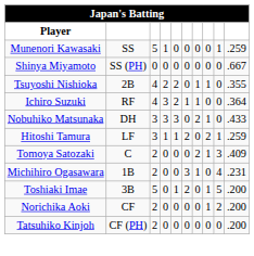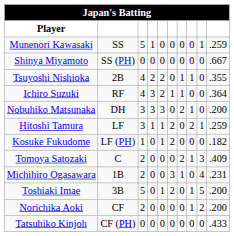 <table class="wikitable sortable" style="text-align:center;">
 <tr>
 <th colspan=10 style="background: #000000; color: #FFFFFF;"> Japan's Batting</th>
 </tr>
 <tr>
 <th style="background-color: #FFFFFF; color: #000000;">Player</th>
 <th style="background-color: #FFFFFF; color: #000000;"><a href='#'></a></th>
 <th style="background-color: #FFFFFF; color: #000000;"></th>
 <th style="background-color: #FFFFFF; color: #000000;"></th>
 <th style="background-color: #FFFFFF; color: #000000;"></th>
 <th style="background-color: #FFFFFF; color: #000000;"></th>
 <th style="background-color: #FFFFFF; color: #000000;"></th>
 <th style="background-color: #FFFFFF; color: #000000;"></th>
 <th style="background-color: #FFFFFF; color: #000000;"></th>
 <th style="background-color: #FFFFFF; color: #000000;"></th>
 </tr>
 <tr>
 <td><a href='#'>Munenori Kawasaki</a></td>
 <td>SS</td>
 <td>5</td>
 <td>1</td>
 <td>0</td>
 <td>0</td>
 <td>0</td>
 <td>0</td>
 <td>1</td>
 <td>.259</td>
 </tr>
 <tr>
 <td><a href='#'>Shinya Miyamoto</a></td>
 <td>SS (<a href='#'>PH</a>)</td>
 <td>0</td>
 <td>0</td>
 <td>0</td>
 <td>0</td>
 <td>0</td>
 <td>0</td>
 <td>0</td>
 <td>.667</td>
 </tr>
 <tr>
 <td><a href='#'>Tsuyoshi Nishioka</a></td>
 <td>2B</td>
 <td>4</td>
 <td>2</td>
 <td>2</td>
 <td>0</td>
 <td>1</td>
 <td>1</td>
 <td>0</td>
 <td>.355</td>
 </tr>
 <tr>
 <td><a href='#'>Ichiro Suzuki</a></td>
 <td>RF</td>
 <td>4</td>
 <td>3</td>
 <td>2</td>
 <td>1</td>
 <td>1</td>
 <td>0</td>
 <td>0</td>
 <td>.364</td>
 </tr>
 <tr>
 <td><a href='#'>Nobuhiko Matsunaka</a></td>
 <td>DH</td>
 <td>3</td>
 <td>3</td>
 <td>3</td>
 <td>0</td>
 <td>2</td>
 <td>1</td>
 <td>0</td>
-<td>.433</td>
+<td>.200</td>
 </tr>
 <tr>
 <td><a href='#'>Hitoshi Tamura</a></td>
 <td>LF</td>
 <td>3</td>
 <td>1</td>
 <td>1</td>
 <td>2</td>
 <td>0</td>
 <td>2</td>
 <td>1</td>
 <td>.259</td>
+</tr>
+<tr>
+<td><a href='#'>Kosuke Fukudome</a></td>
+<td>LF (<a href='#'>PH</a>)</td>
+<td>1</td>
+<td>0</td>
+<td>1</td>
+<td>2</td>
+<td>0</td>
+<td>0</td>
+<td>0</td>
+<td>.182</td>
 </tr>
 <tr>
 <td><a href='#'>Tomoya Satozaki</a></td>
 <td>C</td>
 <td>2</td>
 <td>0</td>
 <td>0</td>
 <td>0</td>
 <td>2</td>
 <td>1</td>
 <td>3</td>
 <td>.409</td>
 </tr>
 <tr>
 <td><a href='#'>Michihiro Ogasawara</a></td>
 <td>1B</td>
 <td>2</td>
 <td>0</td>
 <td>0</td>
 <td>3</td>
 <td>1</td>
 <td>0</td>
 <td>4</td>
 <td>.231</td>
 </tr>
 <tr>
 <td><a href='#'>Toshiaki Imae</a></td>
 <td>3B</td>
 <td>5</td>
 <td>0</td>
 <td>1</td>
 <td>2</td>
 <td>0</td>
 <td>1</td>
 <td>5</td>
 <td>.200</td>
 </tr>
 <tr>
 <td><a href='#'>Norichika Aoki</a></td>
 <td>CF</td>
 <td>2</td>
 <td>0</td>
 <td>0</td>
 <td>0</td>
 <td>0</td>
 <td>1</td>
 <td>2</td>
 <td>.200</td>
 </tr>
 <tr>
 <td><a href='#'>Tatsuhiko Kinjoh</a></td>
 <td>CF (<a href='#'>PH</a>)</td>
-<td>2</td>
 <td>0</td>
 <td>0</td>
 <td>0</td>
 <td>0</td>
 <td>0</td>
 <td>0</td>
-<td>.200</td>
+<td>0</td>
+<td>.433</td>
 </tr>
 </table>
